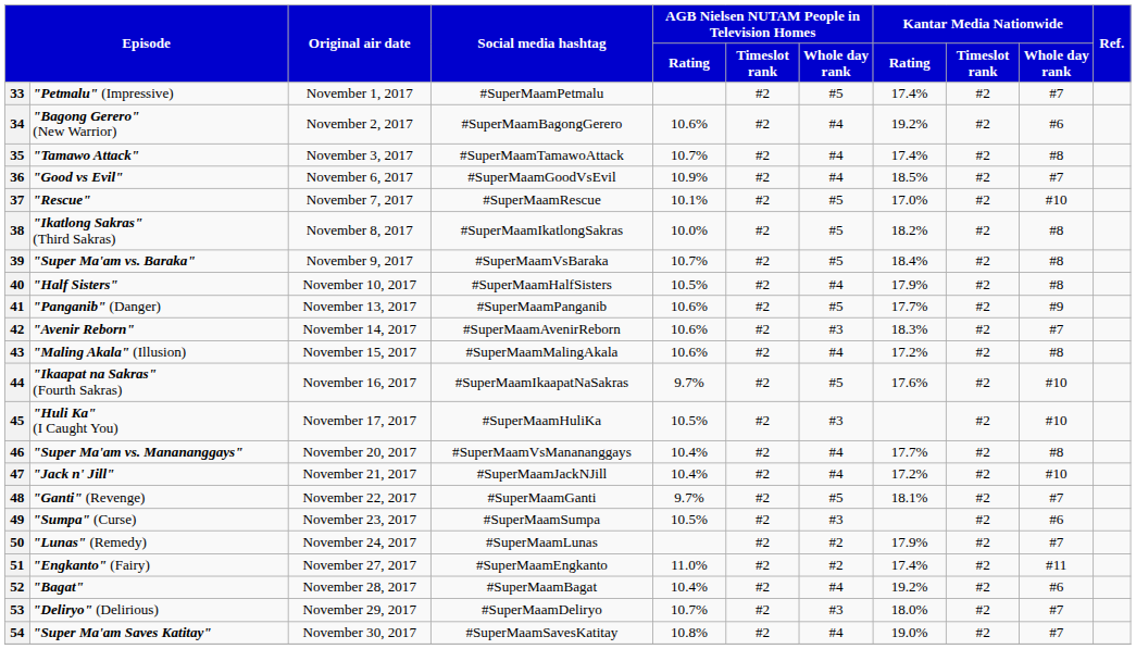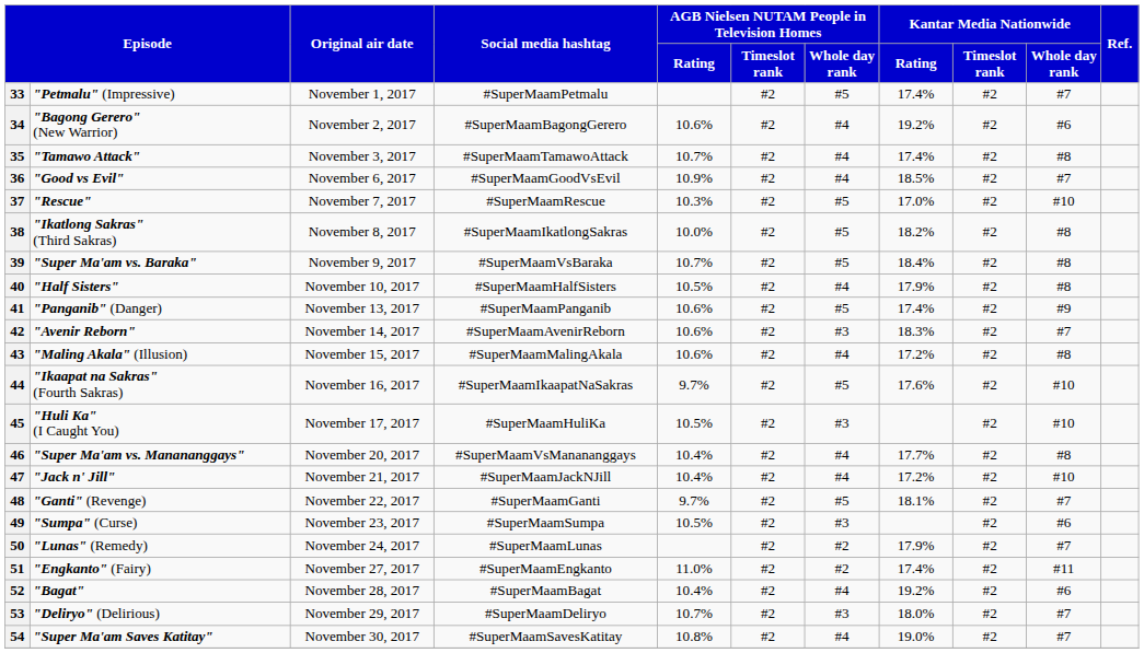 <table class="wikitable" style="text-align:center; font-size:100%; line-height:18px;" width="100%">
 <tr>
 <th style="background-color:#0000CD; color:#ffffff;" colspan="2" rowspan="2">Episode</th>
 <th style="background-color:#0000CD; color:white" rowspan="2">Original air date</th>
 <th style="background-color:#0000CD; color:white" rowspan="2">Social media hashtag</th>
 <th style="background-color:#0000CD; color:#ffffff;" colspan="3">AGB Nielsen NUTAM People in Television Homes</th>
 <th style="background-color:#0000CD; color:#ffffff;" colspan="3">Kantar Media Nationwide</th>
 <th style="background-color:#0000CD; color:#ffffff;" rowspan="2">Ref.</th>
 </tr>
 <tr>
 <th style="background-color:#0000CD; width:75px; color:#ffffff;">Rating</th>
 <th style="background-color:#0000CD; width:75px; color:#ffffff;">Timeslot<br>rank</th>
 <th style="background-color:#0000CD; width:75px; color:#ffffff;">Whole day<br>rank</th>
 <th style="background-color:#0000CD; width:75px; color:#ffffff;">Rating</th>
 <th style="background-color:#0000CD; width:75px; color:#ffffff;">Timeslot<br>rank</th>
 <th style="background-color:#0000CD; width:75px; color:#ffffff;">Whole day<br>rank</th>
 </tr>
 <tr>
 <th>33</th>
 <td style="text-align: left;"><strong><em>"Petmalu"</em></strong> (Impressive)</td>
 <td>November 1, 2017</td>
 <td>#SuperMaamPetmalu</td>
 <td></td>
 <td>#2</td>
 <td>#5</td>
 <td>17.4%</td>
 <td>#2</td>
 <td>#7</td>
 <td></td>
 </tr>
 <tr>
 <th>34</th>
 <td style="text-align: left;"><strong><em>"Bagong Gerero"</em></strong><br>(New Warrior)</td>
 <td>November 2, 2017</td>
 <td>#SuperMaamBagongGerero</td>
 <td>10.6%</td>
 <td>#2</td>
 <td>#4</td>
 <td>19.2%</td>
 <td>#2</td>
 <td>#6</td>
 <td></td>
 </tr>
 <tr>
 <th>35</th>
 <td style="text-align: left;"><strong><em>"Tamawo Attack"</em></strong></td>
 <td>November 3, 2017</td>
 <td>#SuperMaamTamawoAttack</td>
 <td>10.7%</td>
 <td>#2</td>
 <td>#4</td>
 <td>17.4%</td>
 <td>#2</td>
 <td>#8</td>
 <td></td>
 </tr>
 <tr>
 <th>36</th>
 <td style="text-align: left;"><strong><em>"Good vs Evil"</em></strong></td>
 <td>November 6, 2017</td>
 <td>#SuperMaamGoodVsEvil</td>
 <td>10.9%</td>
 <td>#2</td>
 <td>#4</td>
 <td>18.5%</td>
 <td>#2</td>
 <td>#7</td>
 <td></td>
 </tr>
 <tr>
 <th>37</th>
 <td style="text-align: left;"><strong><em>"Rescue"</em></strong></td>
 <td>November 7, 2017</td>
 <td>#SuperMaamRescue</td>
-<td>10.1%</td>
+<td>10.3%</td>
 <td>#2</td>
 <td>#5</td>
 <td>17.0%</td>
 <td>#2</td>
 <td>#10</td>
 <td></td>
 </tr>
 <tr>
 <th>38</th>
 <td style="text-align: left;"><strong><em>"Ikatlong Sakras"</em></strong><br>(Third Sakras)</td>
 <td>November 8, 2017</td>
 <td>#SuperMaamIkatlongSakras</td>
 <td>10.0%</td>
 <td>#2</td>
 <td>#5</td>
 <td>18.2%</td>
 <td>#2</td>
 <td>#8</td>
 <td></td>
 </tr>
 <tr>
 <th>39</th>
 <td style="text-align: left;"><strong><em>"Super Ma'am vs. Baraka"</em></strong></td>
 <td>November 9, 2017</td>
 <td>#SuperMaamVsBaraka</td>
 <td>10.7%</td>
 <td>#2</td>
 <td>#5</td>
 <td>18.4%</td>
 <td>#2</td>
 <td>#8</td>
 <td></td>
 </tr>
 <tr>
 <th>40</th>
 <td style="text-align: left;"><strong><em>"Half Sisters"</em></strong></td>
 <td>November 10, 2017</td>
 <td>#SuperMaamHalfSisters</td>
 <td>10.5%</td>
 <td>#2</td>
 <td>#4</td>
 <td>17.9%</td>
 <td>#2</td>
 <td>#8</td>
 <td></td>
 </tr>
 <tr>
 <th>41</th>
 <td style="text-align: left;"><strong><em>"Panganib"</em></strong> (Danger)</td>
 <td>November 13, 2017</td>
 <td>#SuperMaamPanganib</td>
 <td>10.6%</td>
 <td>#2</td>
 <td>#5</td>
-<td>17.7%</td>
+<td>17.4%</td>
 <td>#2</td>
 <td>#9</td>
 <td></td>
 </tr>
 <tr>
 <th>42</th>
 <td style="text-align: left;"><strong><em>"Avenir Reborn"</em></strong></td>
 <td>November 14, 2017</td>
 <td>#SuperMaamAvenirReborn</td>
 <td>10.6%</td>
 <td>#2</td>
 <td>#3</td>
 <td>18.3%</td>
 <td>#2</td>
 <td>#7</td>
 <td></td>
 </tr>
 <tr>
 <th>43</th>
 <td style="text-align: left;"><strong><em>"Maling Akala"</em></strong> (Illusion)</td>
 <td>November 15, 2017</td>
 <td>#SuperMaamMalingAkala</td>
 <td>10.6%</td>
 <td>#2</td>
 <td>#4</td>
 <td>17.2%</td>
 <td>#2</td>
 <td>#8</td>
 <td></td>
 </tr>
 <tr>
 <th>44</th>
 <td style="text-align: left;"><strong><em>"Ikaapat na Sakras"</em></strong><br>(Fourth Sakras)</td>
 <td>November 16, 2017</td>
 <td>#SuperMaamIkaapatNaSakras</td>
 <td>9.7%</td>
 <td>#2</td>
 <td>#5</td>
 <td>17.6%</td>
 <td>#2</td>
 <td>#10</td>
 <td></td>
 </tr>
 <tr>
 <th>45</th>
 <td style="text-align: left;"><strong><em>"Huli Ka"</em></strong><br>(I Caught You)</td>
 <td>November 17, 2017</td>
 <td>#SuperMaamHuliKa</td>
 <td>10.5%</td>
 <td>#2</td>
 <td>#3</td>
 <td></td>
 <td>#2</td>
 <td>#10</td>
 <td></td>
 </tr>
 <tr>
 <th>46</th>
 <td style="text-align: left;"><strong><em>"Super Ma'am vs. Manananggays"</em></strong></td>
 <td>November 20, 2017</td>
 <td>#SuperMaamVsManananggays</td>
 <td>10.4%</td>
 <td>#2</td>
 <td>#4</td>
 <td>17.7%</td>
 <td>#2</td>
 <td>#8</td>
 <td></td>
 </tr>
 <tr>
 <th>47</th>
 <td style="text-align: left;"><strong><em>"Jack n' Jill"</em></strong></td>
 <td>November 21, 2017</td>
 <td>#SuperMaamJackNJill</td>
 <td>10.4%</td>
 <td>#2</td>
 <td>#4</td>
 <td>17.2%</td>
 <td>#2</td>
 <td>#10</td>
 <td></td>
 </tr>
 <tr>
 <th>48</th>
 <td style="text-align: left;"><strong><em>"Ganti"</em></strong> (Revenge)</td>
 <td>November 22, 2017</td>
 <td>#SuperMaamGanti</td>
 <td>9.7%</td>
 <td>#2</td>
 <td>#5</td>
 <td>18.1%</td>
 <td>#2</td>
 <td>#7</td>
 <td></td>
 </tr>
 <tr>
 <th>49</th>
 <td style="text-align: left;"><strong><em>"Sumpa"</em></strong> (Curse)</td>
 <td>November 23, 2017</td>
 <td>#SuperMaamSumpa</td>
 <td>10.5%</td>
 <td>#2</td>
 <td>#3</td>
 <td></td>
 <td>#2</td>
 <td>#6</td>
 <td></td>
 </tr>
 <tr>
 <th>50</th>
 <td style="text-align: left;"><strong><em>"Lunas"</em></strong> (Remedy)</td>
 <td>November 24, 2017</td>
 <td>#SuperMaamLunas</td>
 <td></td>
 <td>#2</td>
 <td>#2</td>
 <td>17.9%</td>
 <td>#2</td>
 <td>#7</td>
 <td></td>
 </tr>
 <tr>
 <th>51</th>
 <td style="text-align: left;"><strong><em>"Engkanto"</em></strong> (Fairy)</td>
 <td>November 27, 2017</td>
 <td>#SuperMaamEngkanto</td>
 <td>11.0%</td>
 <td>#2</td>
 <td>#2</td>
 <td>17.4%</td>
 <td>#2</td>
 <td>#11</td>
 <td></td>
 </tr>
 <tr>
 <th>52</th>
 <td style="text-align: left;"><strong><em>"Bagat"</em></strong></td>
 <td>November 28, 2017</td>
 <td>#SuperMaamBagat</td>
 <td>10.4%</td>
 <td>#2</td>
 <td>#4</td>
 <td>19.2%</td>
 <td>#2</td>
 <td>#6</td>
 <td></td>
 </tr>
 <tr>
 <th>53</th>
 <td style="text-align: left;"><strong><em>"Deliryo"</em></strong> (Delirious)</td>
 <td>November 29, 2017</td>
 <td>#SuperMaamDeliryo</td>
 <td>10.7%</td>
 <td>#2</td>
 <td>#3</td>
 <td>18.0%</td>
 <td>#2</td>
 <td>#7</td>
 <td></td>
 </tr>
 <tr>
 <th>54</th>
 <td style="text-align: left;"><strong><em>"Super Ma'am Saves Katitay"</em></strong></td>
 <td>November 30, 2017</td>
 <td>#SuperMaamSavesKatitay</td>
 <td>10.8%</td>
 <td>#2</td>
 <td>#4</td>
 <td>19.0%</td>
 <td>#2</td>
 <td>#7</td>
 <td></td>
 </tr>
 <tr>
 </tr>
 </table>
